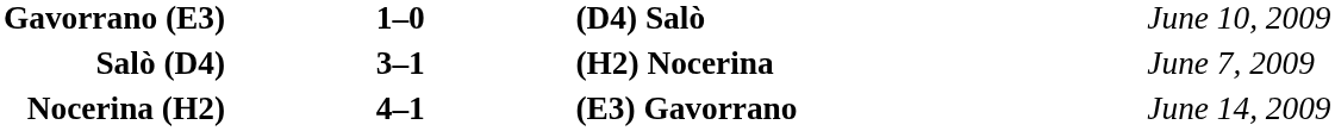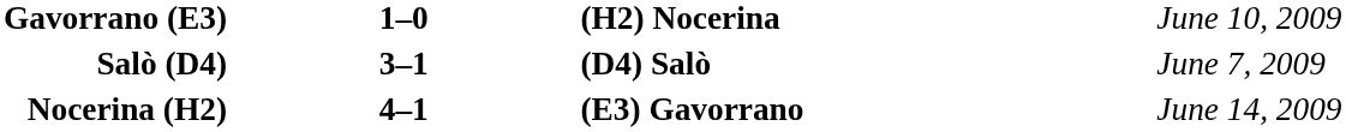 <table width="100%" cellspacing="1">
 <tr>
 <th width="20%"></th>
 <th width="12%"></th>
 <th width="20%"></th>
 <th width="20%'"></th>
 <th></th>
 </tr>
 <tr style="font-size:90%;">
 <td align="right"><strong>Gavorrano (E3)</strong></td>
 <td align="center"><strong>1–0</strong></td>
-<td align="left"><strong>(D4) Salò</strong></td>
+<td align="left"><strong>(H2) Nocerina</strong></td>
 <td align="left"><em>June 10, 2009</em></td>
 </tr>
 <tr style="font-size:90%;">
 <td align="right"><strong>Salò (D4)</strong></td>
 <td align="center"><strong>3–1</strong></td>
-<td align="left"><strong>(H2) Nocerina</strong></td>
+<td align="left"><strong>(D4) Salò</strong></td>
 <td align="left"><em>June 7, 2009</em></td>
 </tr>
 <tr style="font-size:90%;">
 <td align="right"><strong>Nocerina (H2)</strong></td>
 <td align="center"><strong>4–1</strong></td>
 <td align="left"><strong>(E3) Gavorrano</strong></td>
 <td align="left"><em>June 14, 2009</em></td>
 </tr>
 </table>
